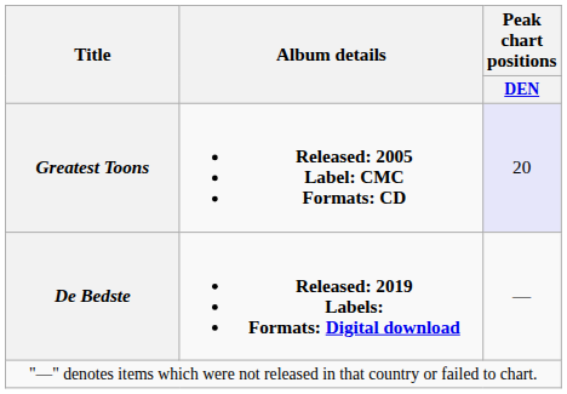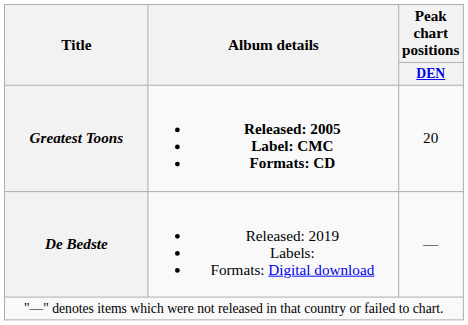 <table class="wikitable plainrowheaders" style="text-align:center;">
 <tr>
 <th scope="col" rowspan="2" style="width:9em;">Title</th>
 <th scope="col" rowspan="2" style="width:16em;">Album details</th>
 <th scope="col">Peak chart positions</th>
 </tr>
 <tr>
 <th scope="col" style="width:3em;font-size:90%;"><a href='#'>DEN</a><br></th>
 </tr>
 <tr>
 <th scope="row"><em>Greatest Toons</em></th>
 <td><strong><br><ul><li>Released: 2005</li><li>Label: CMC</li><li>Formats: CD</li></ul></strong></td>
-<td style="background: lavender;">20</td>
+<td>20</td>
 </tr>
 <tr>
 <th scope="row"><em>De Bedste</em></th>
-<td><strong><br><ul><li>Released: 2019</li><li>Labels: </li><li>Formats: <a href='#'>Digital download</a></li></ul></strong></td>
+<td><br><ul><li>Released: 2019</li><li>Labels: </li><li>Formats: <a href='#'>Digital download</a></li></ul></td>
 <td>—</td>
 </tr>
 <tr>
 <td colspan="14" style="font-size:90%;">"—" denotes items which were not released in that country or failed to chart.</td>
 </tr>
 </table>
